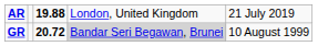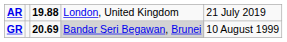 <table class="wikitable" style="font-size:95%; position:relative;">
 <tr>
 <td align=center><strong><a href='#'>AR</a></strong></td>
 <td></td>
 <td><strong>19.88</strong></td>
 <td><a href='#'>London</a>, United Kingdom</td>
 <td>21 July 2019</td>
 </tr>
 <tr>
 <td align=center><strong><a href='#'>GR</a></strong></td>
 <td></td>
-<td><strong>20.72</strong></td>
+<td><strong>20.69</strong></td>
 <td style="background: lightgrey;"><a href='#'>Bandar Seri Begawan</a>, <a href='#'>Brunei</a></td>
 <td>10 August 1999</td>
 </tr>
 </table>
